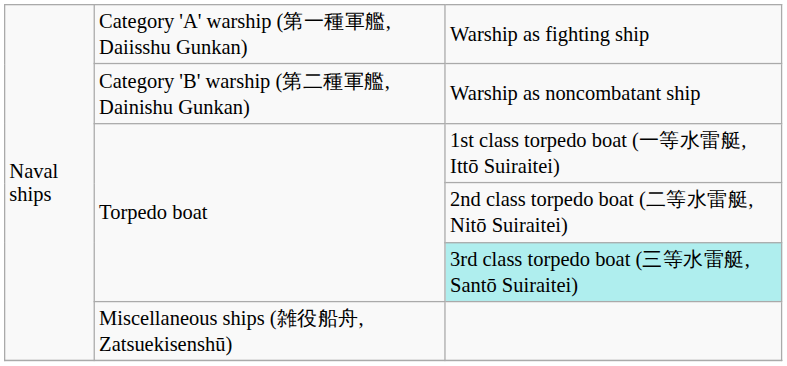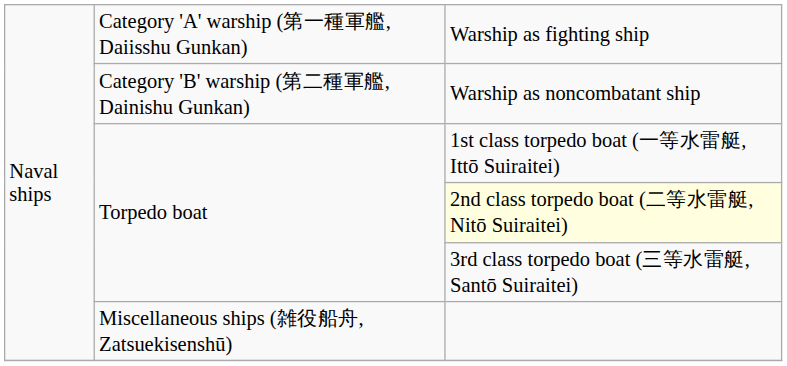 <table class="wikitable">
 <tr>
 <td rowspan="6">Naval ships</td>
 <td>Category 'A' warship (第一種軍艦, Daiisshu Gunkan)</td>
 <td>Warship as fighting ship</td>
 </tr>
 <tr>
 <td>Category 'B' warship (第二種軍艦, Dainishu Gunkan)</td>
 <td>Warship as noncombatant ship</td>
 </tr>
 <tr>
 <td rowspan="3">Torpedo boat</td>
 <td>1st class torpedo boat (一等水雷艇, Ittō Suiraitei)</td>
 </tr>
 <tr>
-<td>2nd class torpedo boat (二等水雷艇, Nitō Suiraitei)</td>
+<td style="background: lightyellow;">2nd class torpedo boat (二等水雷艇, Nitō Suiraitei)</td>
 </tr>
 <tr>
-<td style="background: paleturquoise;">3rd class torpedo boat (三等水雷艇, Santō Suiraitei)</td>
+<td>3rd class torpedo boat (三等水雷艇, Santō Suiraitei)</td>
 </tr>
 <tr>
 <td>Miscellaneous ships (雑役船舟, Zatsuekisenshū)</td>
 <td></td>
 </tr>
 <tr>
 </tr>
 </table>
